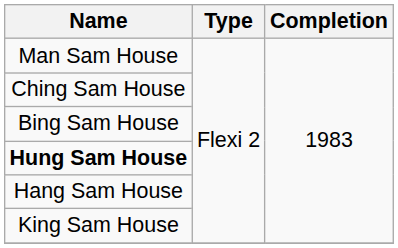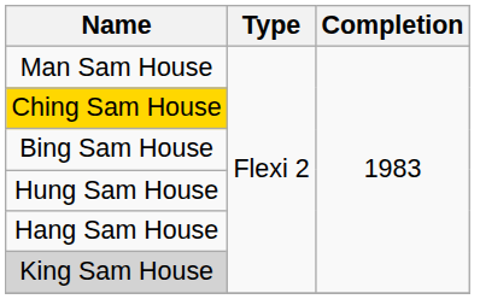 <table class="wikitable" style="text-align: center">
 <tr>
 <th>Name</th>
 <th>Type</th>
 <th>Completion</th>
 </tr>
 <tr>
 <td>Man Sam House</td>
 <td rowspan="6">Flexi 2</td>
 <td rowspan="6">1983</td>
 </tr>
 <tr>
-<td>Ching Sam House</td>
+<td style="background: gold;">Ching Sam House</td>
 </tr>
 <tr>
 <td>Bing Sam House</td>
 </tr>
 <tr>
-<td><strong>Hung Sam House</strong></td>
+<td>Hung Sam House</td>
 </tr>
 <tr>
 <td>Hang Sam House</td>
 </tr>
 <tr>
-<td>King Sam House</td>
+<td style="background: lightgrey;">King Sam House</td>
 </tr>
 <tr>
 </tr>
 </table>
